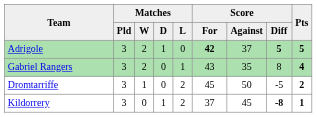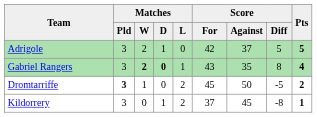 <table style=border-collapse:collapse border=1 cellspacing=0 cellpadding=5>
 <tr align=center bgcolor=#efefef>
 <th rowspan=2 width=165>Team</th>
 <th colspan=4>Matches</th>
 <th colspan=3>Score</th>
 <th rowspan=2width=20>Pts</th>
 </tr>
 <tr align=center bgcolor=#efefef>
 <th width=20>Pld</th>
 <th width=20>W</th>
 <th width=20>D</th>
 <th width=20>L</th>
 <th width=45>For</th>
 <th width=45>Against</th>
 <th width=30>Diff</th>
 </tr>
 <tr align=center style="background:#ACE1AF;">
 <td style="text-align:left;"><a href='#'>Adrigole</a></td>
 <td>3</td>
 <td>2</td>
 <td>1</td>
 <td>0</td>
-<td><strong>42</strong></td>
+<td>42</td>
 <td>37</td>
-<td><strong>5</strong></td>
+<td>5</td>
 <td><strong>5</strong></td>
 </tr>
 <tr align=center style="background:#ACE1AF;">
 <td style="text-align:left;"><a href='#'>Gabriel Rangers</a></td>
 <td>3</td>
-<td>2</td>
-<td>0</td>
+<td><strong>2</strong></td>
+<td><strong>0</strong></td>
 <td>1</td>
 <td>43</td>
 <td>35</td>
 <td>8</td>
 <td><strong>4</strong></td>
 </tr>
 <tr align=center>
 <td style="text-align:left;"><a href='#'>Dromtarriffe</a></td>
-<td>3</td>
+<td><strong>3</strong></td>
 <td>1</td>
 <td>0</td>
 <td>2</td>
 <td>45</td>
 <td>50</td>
 <td>-5</td>
 <td><strong>2</strong></td>
 </tr>
 <tr align=center>
 <td style="text-align:left;"><a href='#'>Kildorrery</a></td>
 <td>3</td>
 <td>0</td>
 <td>1</td>
 <td>2</td>
 <td>37</td>
 <td>45</td>
-<td><strong>-8</strong></td>
+<td>-8</td>
 <td><strong>1</strong></td>
 </tr>
 </table>
